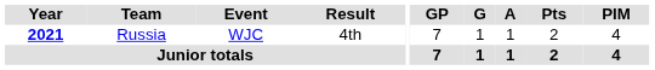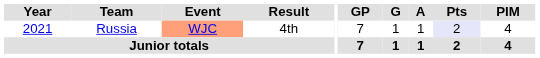 <table border="0" cellpadding="1" cellspacing="0" ID="Table3" style="text-align:center; width:40em;">
 <tr bgcolor="#e0e0e0">
 <th>Year</th>
 <th>Team</th>
 <th>Event</th>
 <th>Result</th>
 <th rowspan="99" bgcolor="#ffffff"></th>
 <th>GP</th>
 <th>G</th>
 <th>A</th>
 <th>Pts</th>
 <th>PIM</th>
 </tr>
 <tr>
-<td><strong><a href='#'>2021</a></strong></td>
+<td><a href='#'>2021</a></td>
 <td><a href='#'>Russia</a></td>
-<td><a href='#'>WJC</a></td>
+<td style="background: lightsalmon;"><a href='#'>WJC</a></td>
 <td>4th</td>
 <td>7</td>
 <td>1</td>
 <td>1</td>
-<td>2</td>
+<td style="background: lavender;">2</td>
 <td>4</td>
 </tr>
 <tr bgcolor="#e0e0e0">
 <th colspan="4">Junior totals</th>
 <th>7</th>
 <th>1</th>
 <th>1</th>
 <th>2</th>
 <th>4</th>
 </tr>
 </table>
